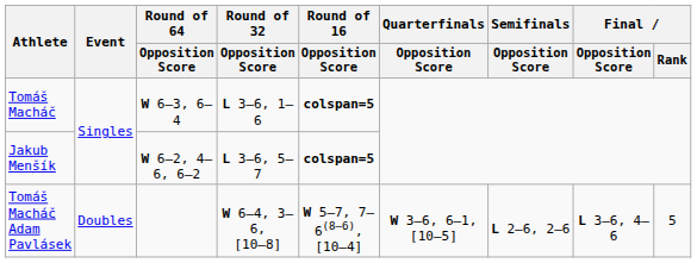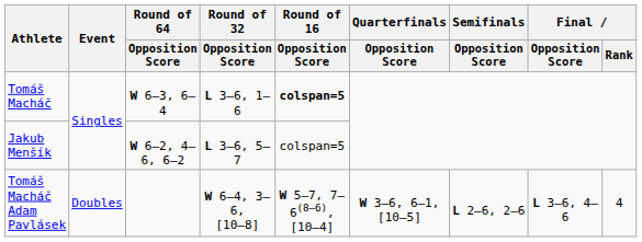 <table class=wikitable style="font-size:90%">
 <tr>
 <th rowspan="2">Athlete</th>
 <th rowspan="2">Event</th>
 <th>Round of 64</th>
 <th>Round of 32</th>
 <th>Round of 16</th>
 <th>Quarterfinals</th>
 <th>Semifinals</th>
 <th colspan=2>Final / </th>
 </tr>
 <tr style="font-size:95%">
 <th>Opposition<br>Score</th>
 <th>Opposition<br>Score</th>
 <th>Opposition<br>Score</th>
 <th>Opposition<br>Score</th>
 <th>Opposition<br>Score</th>
 <th>Opposition<br>Score</th>
 <th>Rank</th>
 </tr>
 <tr align=center>
 <td align=left><a href='#'>Tomáš Macháč</a></td>
 <td align=left rowspan=2><a href='#'>Singles</a></td>
 <td><br><strong>W</strong> 6–3, 6–4</td>
 <td><br><strong>L</strong> 3–6, 1–6</td>
 <td><strong>colspan=5 </strong></td>
 </tr>
 <tr align=center>
 <td align=left><a href='#'>Jakub Menšík</a></td>
 <td><br><strong>W</strong> 6–2, 4–6, 6–2</td>
 <td><br><strong>L</strong> 3–6, 5–7</td>
-<td><strong>colspan=5 </strong></td>
+<td>colspan=5 </td>
 </tr>
 <tr align=center>
 <td align=left><a href='#'>Tomáš Macháč</a><br><a href='#'>Adam Pavlásek</a></td>
 <td align=left><a href='#'>Doubles</a></td>
 <td></td>
 <td><br><strong>W</strong> 6–4, 3–6,<br>[10–8]</td>
 <td><br><strong>W</strong> 5–7, 7–6<sup>(8–6)</sup>,<br>[10–4]</td>
 <td><br><strong>W</strong> 3–6, 6–1,<br>[10–5]</td>
 <td><br><strong>L</strong> 2–6, 2–6</td>
 <td><br><strong>L</strong> 3–6, 4–6</td>
-<td>5</td>
+<td>4</td>
 </tr>
 </table>
